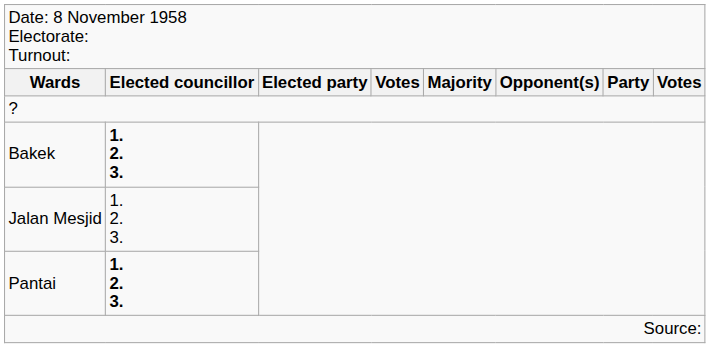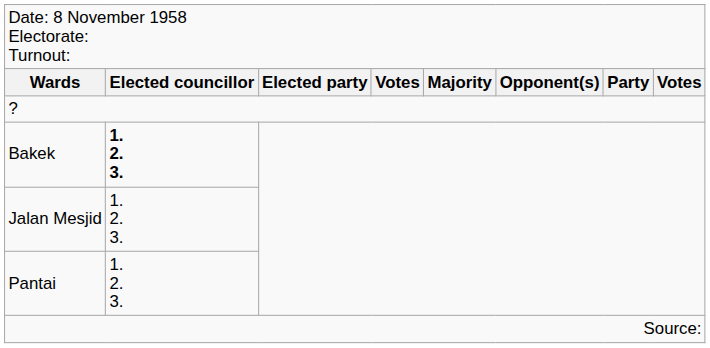 <table class=wikitable>
 <tr>
 <td colspan=8>Date: 8 November 1958<br>Electorate: <br>Turnout:</td>
 </tr>
 <tr>
 <th>Wards</th>
 <th>Elected councillor</th>
 <th>Elected party</th>
 <th>Votes</th>
 <th>Majority</th>
 <th>Opponent(s)</th>
 <th>Party</th>
 <th>Votes</th>
 </tr>
 <tr>
 <td colspan=8>? </td>
 </tr>
 <tr>
 <td>Bakek</td>
 <td><strong>1.<br>2.<br>3.</strong></td>
 </tr>
 <tr>
 <td>Jalan Mesjid</td>
 <td>1.<br>2.<br>3.</td>
 </tr>
 <tr>
 <td>Pantai</td>
-<td><strong>1.<br>2.<br>3.</strong></td>
+<td>1.<br>2.<br>3.</td>
 </tr>
 <tr>
 <td colspan="8" style="text-align:right;">Source: </td>
 </tr>
 </table>
